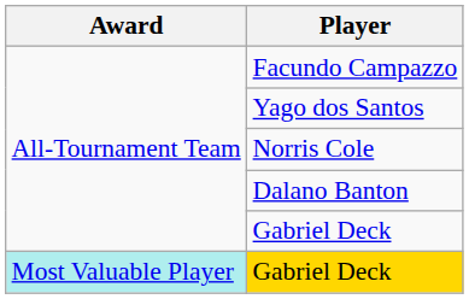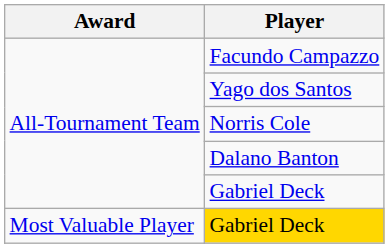 <table class="wikitable">
 <tr>
 <th>Award</th>
 <th>Player</th>
 </tr>
 <tr>
 <td rowspan=5><a href='#'>All-Tournament Team</a></td>
 <td> <a href='#'>Facundo Campazzo</a></td>
 </tr>
 <tr>
 <td> <a href='#'>Yago dos Santos</a></td>
 </tr>
 <tr>
 <td> <a href='#'>Norris Cole</a></td>
 </tr>
 <tr>
 <td> <a href='#'>Dalano Banton</a></td>
 </tr>
 <tr>
 <td> <a href='#'>Gabriel Deck</a></td>
 </tr>
 <tr>
-<td style="background: paleturquoise;"><a href='#'>Most Valuable Player</a></td>
+<td><a href='#'>Most Valuable Player</a></td>
 <td style="background: gold;"> Gabriel Deck</td>
 </tr>
 </table>
